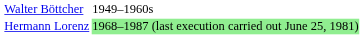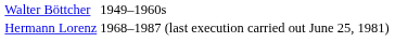 <table>
 <tr>
 <td><a href='#'>Walter Böttcher</a></td>
 <td>1949–1960s</td>
 </tr>
 <tr>
 <td><a href='#'>Hermann Lorenz</a></td>
-<td style="background: lightgreen;">1968–1987 (last execution carried out June 25, 1981)</td>
+<td>1968–1987 (last execution carried out June 25, 1981)</td>
 </tr>
 <tr>
 </tr>
 </table>
